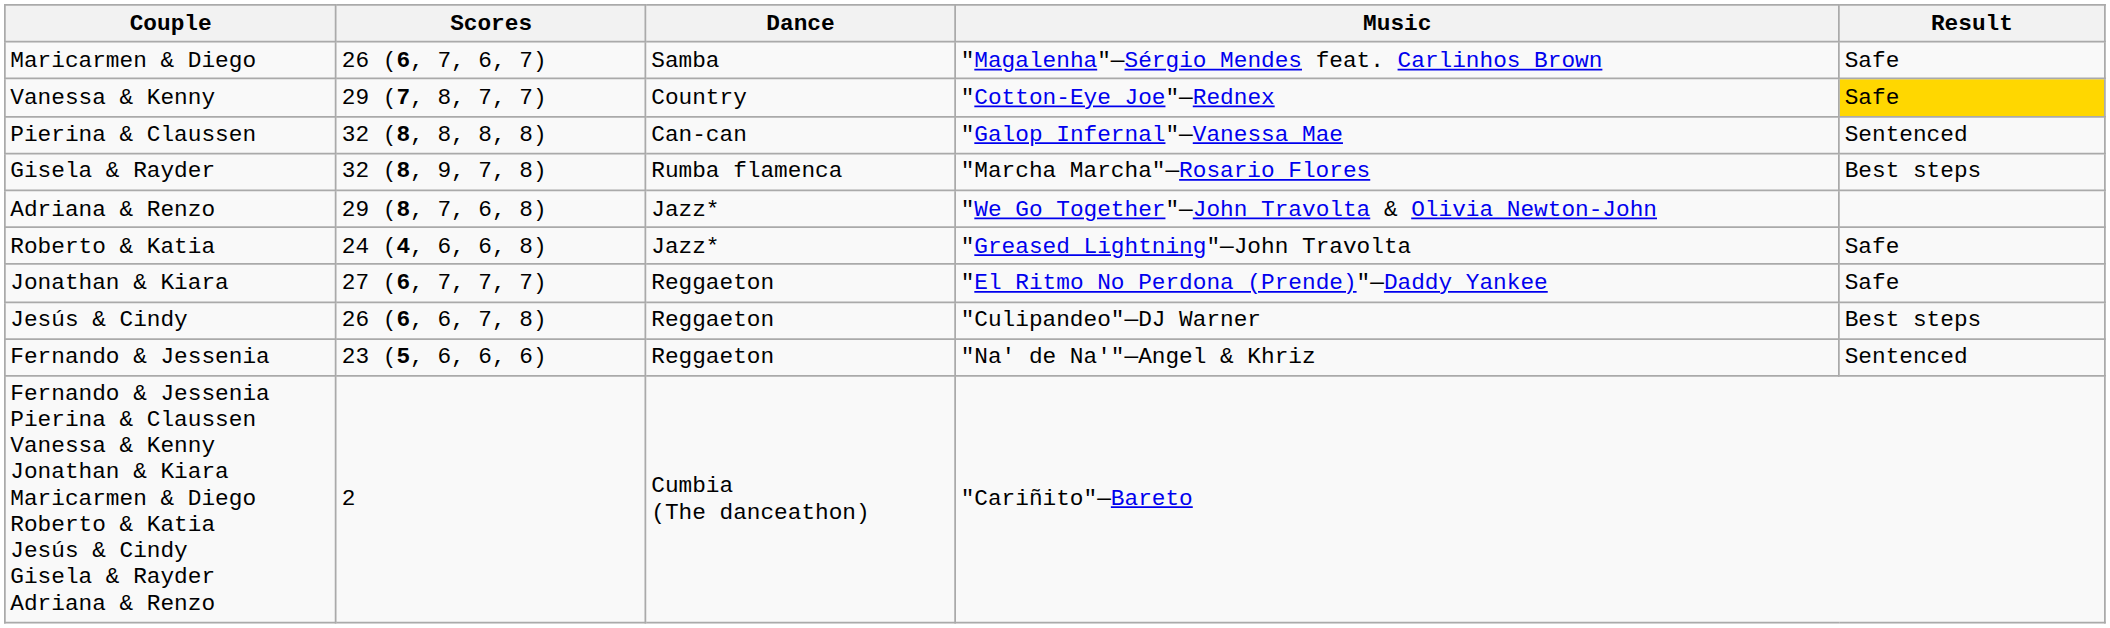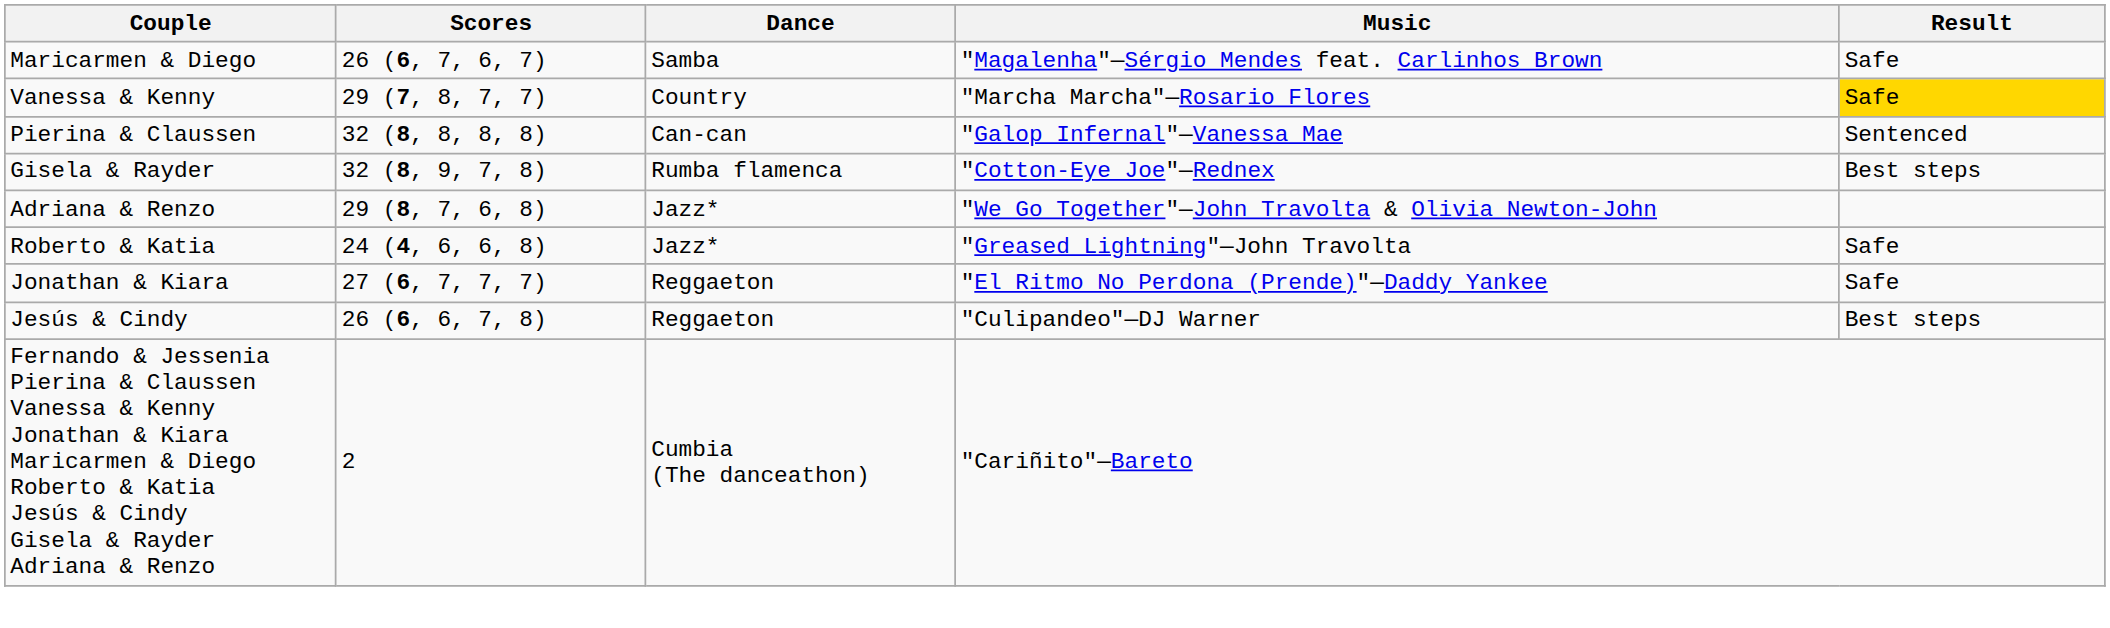 <table class="wikitable sortable" style="width:95%; white-space:nowrap;">
 <tr>
 <th style="width:15%;">Couple</th>
 <th style="width:14%;">Scores</th>
 <th style="width:14%;">Dance</th>
 <th style="width:40%;">Music</th>
 <th style="width:12%;">Result</th>
 </tr>
 <tr>
 <td>Maricarmen & Diego</td>
 <td>26 (<strong>6</strong>, 7, 6, 7)</td>
 <td> Samba</td>
 <td>"<a href='#'>Magalenha</a>"—<a href='#'>Sérgio Mendes</a> feat. <a href='#'>Carlinhos Brown</a></td>
 <td>Safe</td>
 </tr>
 <tr>
 <td>Vanessa & Kenny</td>
 <td>29 (<strong>7</strong>, 8, 7, 7)</td>
 <td> Country</td>
-<td>"<a href='#'>Cotton-Eye Joe</a>"—<a href='#'>Rednex</a></td>
+<td>"Marcha Marcha"—<a href='#'>Rosario Flores</a></td>
 <td style="background: gold;">Safe</td>
 </tr>
 <tr>
 <td>Pierina & Claussen</td>
 <td>32 (<strong>8</strong>, 8, 8, 8)</td>
 <td> Can-can</td>
 <td>"<a href='#'>Galop Infernal</a>"—<a href='#'>Vanessa Mae</a></td>
 <td>Sentenced</td>
 </tr>
 <tr>
 <td>Gisela & Rayder</td>
 <td>32 (<strong>8</strong>, 9, 7, 8)</td>
 <td> Rumba flamenca</td>
-<td>"Marcha Marcha"—<a href='#'>Rosario Flores</a></td>
+<td>"<a href='#'>Cotton-Eye Joe</a>"—<a href='#'>Rednex</a></td>
 <td>Best steps</td>
 </tr>
 <tr>
 <td>Adriana & Renzo</td>
 <td>29 (<strong>8</strong>, 7, 6, 8)</td>
 <td>Jazz*</td>
 <td>"<a href='#'>We Go Together</a>"—<a href='#'>John Travolta</a> & <a href='#'>Olivia Newton-John</a></td>
 <td></td>
 </tr>
 <tr>
 <td>Roberto & Katia</td>
 <td>24 (<strong>4</strong>, 6, 6, 8)</td>
 <td>Jazz*</td>
 <td>"<a href='#'>Greased Lightning</a>"—John Travolta</td>
 <td>Safe</td>
 </tr>
 <tr>
 <td>Jonathan & Kiara</td>
 <td>27 (<strong>6</strong>, 7, 7, 7)</td>
 <td>Reggaeton</td>
 <td>"<a href='#'>El Ritmo No Perdona (Prende)</a>"—<a href='#'>Daddy Yankee</a></td>
 <td>Safe</td>
 </tr>
 <tr>
 <td>Jesús & Cindy</td>
 <td>26 (<strong>6</strong>, 6, 7, 8)</td>
 <td>Reggaeton</td>
 <td>"Culipandeo"—DJ Warner</td>
 <td>Best steps</td>
 </tr>
 <tr>
-<td>Fernando & Jessenia</td>
-<td>23 (<strong>5</strong>, 6, 6, 6)</td>
-<td>Reggaeton</td>
-<td>"Na' de Na'"—Angel & Khriz</td>
-<td>Sentenced</td>
-</tr>
-<tr>
 <td>Fernando & Jessenia<br>Pierina & Claussen<br>Vanessa & Kenny<br>Jonathan & Kiara<br>Maricarmen & Diego<br>Roberto & Katia<br>Jesús & Cindy<br>Gisela & Rayder<br>Adriana & Renzo</td>
 <td valign="top"><br><br><br><br>2</td>
 <td>Cumbia<br>(The danceathon)</td>
 <td colspan=2>"Cariñito"—<a href='#'>Bareto</a></td>
 </tr>
 </table>
